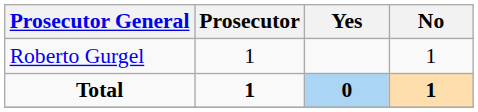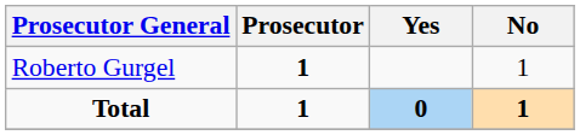 <table class="wikitable">
 <tr>
 <th><a href='#'>Prosecutor General</a></th>
 <th width="55pt">Prosecutor</th>
 <th width="55pt">Yes</th>
 <th width="55pt">No</th>
 </tr>
 <tr>
 <td align="left"><a href='#'>Roberto Gurgel</a></td>
-<td align="center">1</td>
+<td align="center"><strong>1</strong></td>
 <td align="center"></td>
 <td align="center">1</td>
 </tr>
 <tr>
 <td align="center"><strong>Total</strong></td>
 <td align="center"><strong>1</strong></td>
 <td align="center" bgcolor="#abd5f5"><strong>0</strong></td>
 <td align="center" bgcolor="#FFDEAD"><strong>1</strong></td>
 </tr>
 <tr>
 </tr>
 </table>
